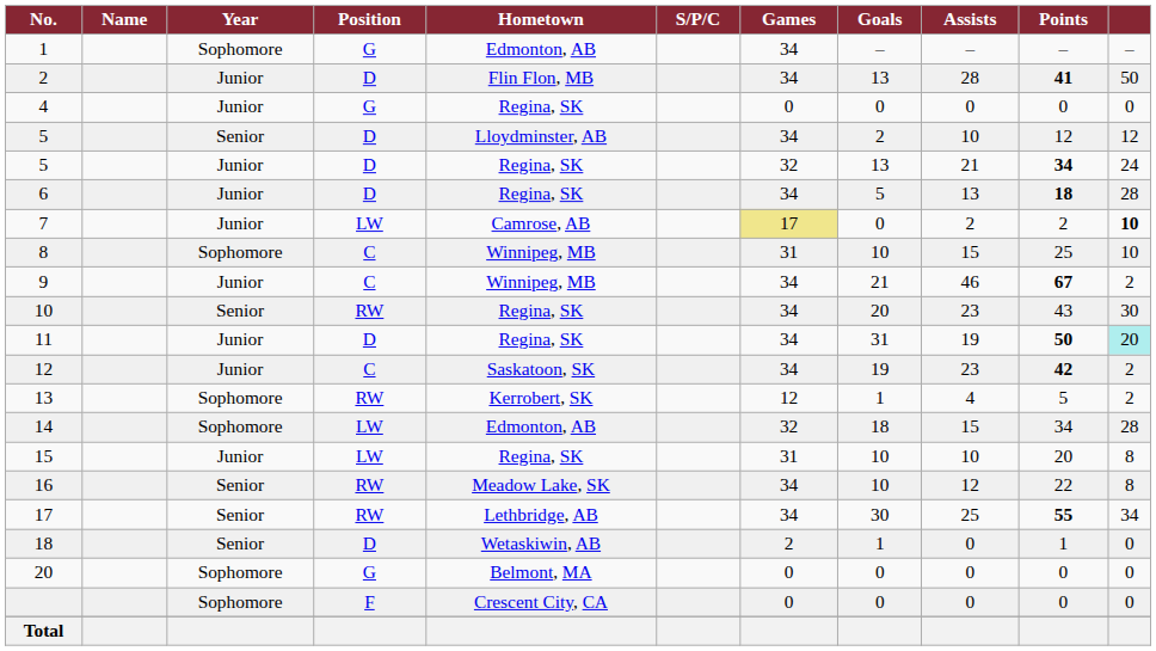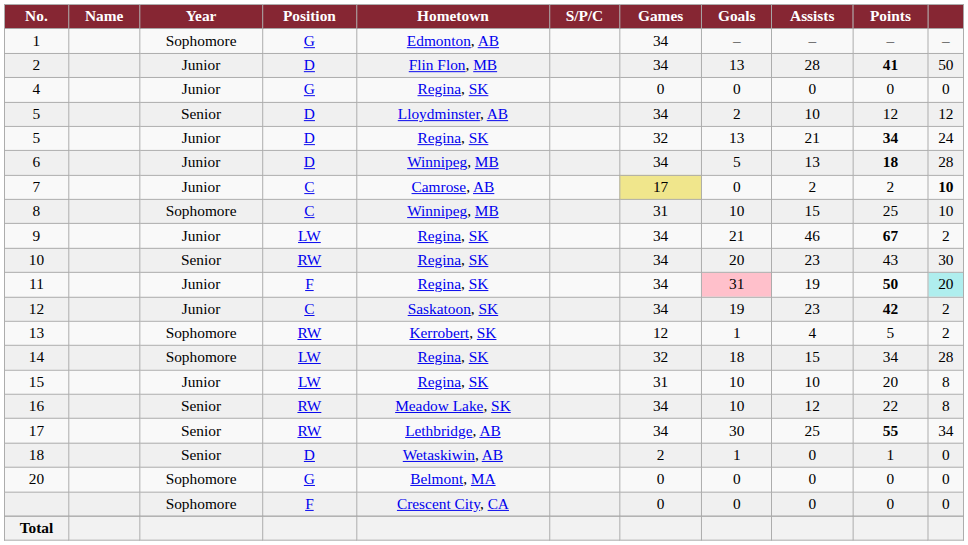 <table class="wikitable sortable" width ="1000">
 <tr align="center">
 <th style="color:white; background:#862633; ">No.</th>
 <th style="color:white; background:#862633; ">Name</th>
 <th style="color:white; background:#862633; ">Year</th>
 <th style="color:white; background:#862633; ">Position</th>
 <th style="color:white; background:#862633; ">Hometown</th>
 <th style="color:white; background:#862633; ">S/P/C</th>
 <th style="color:white; background:#862633; ">Games</th>
 <th style="color:white; background:#862633; ">Goals</th>
 <th style="color:white; background:#862633; ">Assists</th>
 <th style="color:white; background:#862633; ">Points</th>
 <th style="color:white; background:#862633; "><a href='#'></a></th>
 </tr>
 <tr align="center" bgcolor="">
 <td>1</td>
 <td></td>
 <td>Sophomore</td>
 <td><a href='#'>G</a></td>
 <td><a href='#'>Edmonton</a>, <a href='#'>AB</a></td>
 <td></td>
 <td>34</td>
 <td>–</td>
 <td>–</td>
 <td>–</td>
 <td>–</td>
 </tr>
 <tr align="center" bgcolor="#f0f0f0">
 <td>2</td>
 <td></td>
 <td>Junior</td>
 <td><a href='#'>D</a></td>
 <td><a href='#'>Flin Flon</a>, <a href='#'>MB</a></td>
 <td></td>
 <td>34</td>
 <td>13</td>
 <td>28</td>
 <td><strong>41</strong></td>
 <td>50</td>
 </tr>
 <tr align="center">
 <td>4</td>
 <td></td>
 <td>Junior</td>
 <td><a href='#'>G</a></td>
 <td><a href='#'>Regina</a>, <a href='#'>SK</a></td>
 <td></td>
 <td>0</td>
 <td>0</td>
 <td>0</td>
 <td>0</td>
 <td>0</td>
 </tr>
 <tr align="center" bgcolor="#f0f0f0">
 <td>5</td>
 <td></td>
 <td>Senior</td>
 <td><a href='#'>D</a></td>
 <td><a href='#'>Lloydminster</a>, <a href='#'>AB</a></td>
 <td></td>
 <td>34</td>
 <td>2</td>
 <td>10</td>
 <td>12</td>
 <td>12</td>
 </tr>
 <tr align="center">
 <td>5</td>
 <td></td>
 <td>Junior</td>
 <td><a href='#'>D</a></td>
 <td><a href='#'>Regina</a>, <a href='#'>SK</a></td>
 <td></td>
 <td>32</td>
 <td>13</td>
 <td>21</td>
 <td><strong>34</strong></td>
 <td>24</td>
 </tr>
 <tr align="center" bgcolor="#f0f0f0">
 <td>6</td>
 <td></td>
 <td>Junior</td>
 <td><a href='#'>D</a></td>
-<td><a href='#'>Regina</a>, <a href='#'>SK</a></td>
+<td><a href='#'>Winnipeg</a>, <a href='#'>MB</a></td>
 <td></td>
 <td>34</td>
 <td>5</td>
 <td>13</td>
 <td><strong>18</strong></td>
 <td>28</td>
 </tr>
 <tr align="center">
 <td>7</td>
 <td></td>
 <td>Junior</td>
-<td><a href='#'>LW</a></td>
+<td><a href='#'>C</a></td>
 <td><a href='#'>Camrose</a>, <a href='#'>AB</a></td>
 <td></td>
 <td style="background: khaki;">17</td>
 <td>0</td>
 <td>2</td>
 <td>2</td>
 <td><strong>10</strong></td>
 </tr>
 <tr align="center" bgcolor="#f0f0f0">
 <td>8</td>
 <td></td>
 <td>Sophomore</td>
 <td><a href='#'>C</a></td>
 <td><a href='#'>Winnipeg</a>, <a href='#'>MB</a></td>
 <td></td>
 <td>31</td>
 <td>10</td>
 <td>15</td>
 <td>25</td>
 <td>10</td>
 </tr>
 <tr align="center">
 <td>9</td>
 <td></td>
 <td>Junior</td>
-<td><a href='#'>C</a></td>
-<td><a href='#'>Winnipeg</a>, <a href='#'>MB</a></td>
+<td><a href='#'>LW</a></td>
+<td><a href='#'>Regina</a>, <a href='#'>SK</a></td>
 <td></td>
 <td>34</td>
 <td>21</td>
 <td>46</td>
 <td><strong>67</strong></td>
 <td>2</td>
 </tr>
 <tr align="center" bgcolor="#f0f0f0">
 <td>10</td>
 <td></td>
 <td>Senior</td>
 <td><a href='#'>RW</a></td>
 <td><a href='#'>Regina</a>, <a href='#'>SK</a></td>
 <td></td>
 <td>34</td>
 <td>20</td>
 <td>23</td>
 <td>43</td>
 <td>30</td>
 </tr>
 <tr align="center">
 <td>11</td>
 <td></td>
 <td>Junior</td>
-<td><a href='#'>D</a></td>
+<td><a href='#'>F</a></td>
 <td><a href='#'>Regina</a>, <a href='#'>SK</a></td>
 <td></td>
 <td>34</td>
-<td>31</td>
+<td style="background: pink;">31</td>
 <td>19</td>
 <td><strong>50</strong></td>
 <td style="background: paleturquoise;">20</td>
 </tr>
 <tr align="center" bgcolor="#f0f0f0">
 <td>12</td>
 <td></td>
 <td>Junior</td>
 <td><a href='#'>C</a></td>
 <td><a href='#'>Saskatoon</a>, <a href='#'>SK</a></td>
 <td></td>
 <td>34</td>
 <td>19</td>
 <td>23</td>
 <td><strong>42</strong></td>
 <td>2</td>
 </tr>
 <tr align="center">
 <td>13</td>
 <td></td>
 <td>Sophomore</td>
 <td><a href='#'>RW</a></td>
 <td><a href='#'>Kerrobert</a>, <a href='#'>SK</a></td>
 <td></td>
 <td>12</td>
 <td>1</td>
 <td>4</td>
 <td>5</td>
 <td>2</td>
 </tr>
 <tr align="center" bgcolor="#f0f0f0">
 <td>14</td>
 <td></td>
 <td>Sophomore</td>
 <td><a href='#'>LW</a></td>
-<td><a href='#'>Edmonton</a>, <a href='#'>AB</a></td>
+<td><a href='#'>Regina</a>, <a href='#'>SK</a></td>
 <td></td>
 <td>32</td>
 <td>18</td>
 <td>15</td>
 <td>34</td>
 <td>28</td>
 </tr>
 <tr align="center">
 <td>15</td>
 <td></td>
 <td>Junior</td>
 <td><a href='#'>LW</a></td>
 <td><a href='#'>Regina</a>, <a href='#'>SK</a></td>
 <td></td>
 <td>31</td>
 <td>10</td>
 <td>10</td>
 <td>20</td>
 <td>8</td>
 </tr>
 <tr align="center" bgcolor="#f0f0f0">
 <td>16</td>
 <td></td>
 <td>Senior</td>
 <td><a href='#'>RW</a></td>
 <td><a href='#'>Meadow Lake</a>, <a href='#'>SK</a></td>
 <td></td>
 <td>34</td>
 <td>10</td>
 <td>12</td>
 <td>22</td>
 <td>8</td>
 </tr>
 <tr align="center">
 <td>17</td>
 <td></td>
 <td>Senior</td>
 <td><a href='#'>RW</a></td>
 <td><a href='#'>Lethbridge</a>, <a href='#'>AB</a></td>
 <td></td>
 <td>34</td>
 <td>30</td>
 <td>25</td>
 <td><strong>55</strong></td>
 <td>34</td>
 </tr>
 <tr align="center" bgcolor="#f0f0f0">
 <td>18</td>
 <td></td>
 <td>Senior</td>
 <td><a href='#'>D</a></td>
 <td><a href='#'>Wetaskiwin</a>, <a href='#'>AB</a></td>
 <td></td>
 <td>2</td>
 <td>1</td>
 <td>0</td>
 <td>1</td>
 <td>0</td>
 </tr>
 <tr align="center">
 <td>20</td>
 <td></td>
 <td>Sophomore</td>
 <td><a href='#'>G</a></td>
 <td><a href='#'>Belmont</a>, <a href='#'>MA</a></td>
 <td></td>
 <td>0</td>
 <td>0</td>
 <td>0</td>
 <td>0</td>
 <td>0</td>
 </tr>
 <tr align="center" bgcolor="#f0f0f0">
 <td></td>
 <td></td>
 <td>Sophomore</td>
 <td><a href='#'>F</a></td>
 <td><a href='#'>Crescent City</a>, <a href='#'>CA</a></td>
 <td></td>
 <td>0</td>
 <td>0</td>
 <td>0</td>
 <td>0</td>
 <td>0</td>
 </tr>
 <tr align="center" bgcolor="#f0f0f0">
 </tr>
 <tr>
 <th>Total</th>
 <th></th>
 <th></th>
 <th></th>
 <th></th>
 <th></th>
 <th></th>
 <th></th>
 <th></th>
 <th></th>
 <th></th>
 </tr>
 </table>
